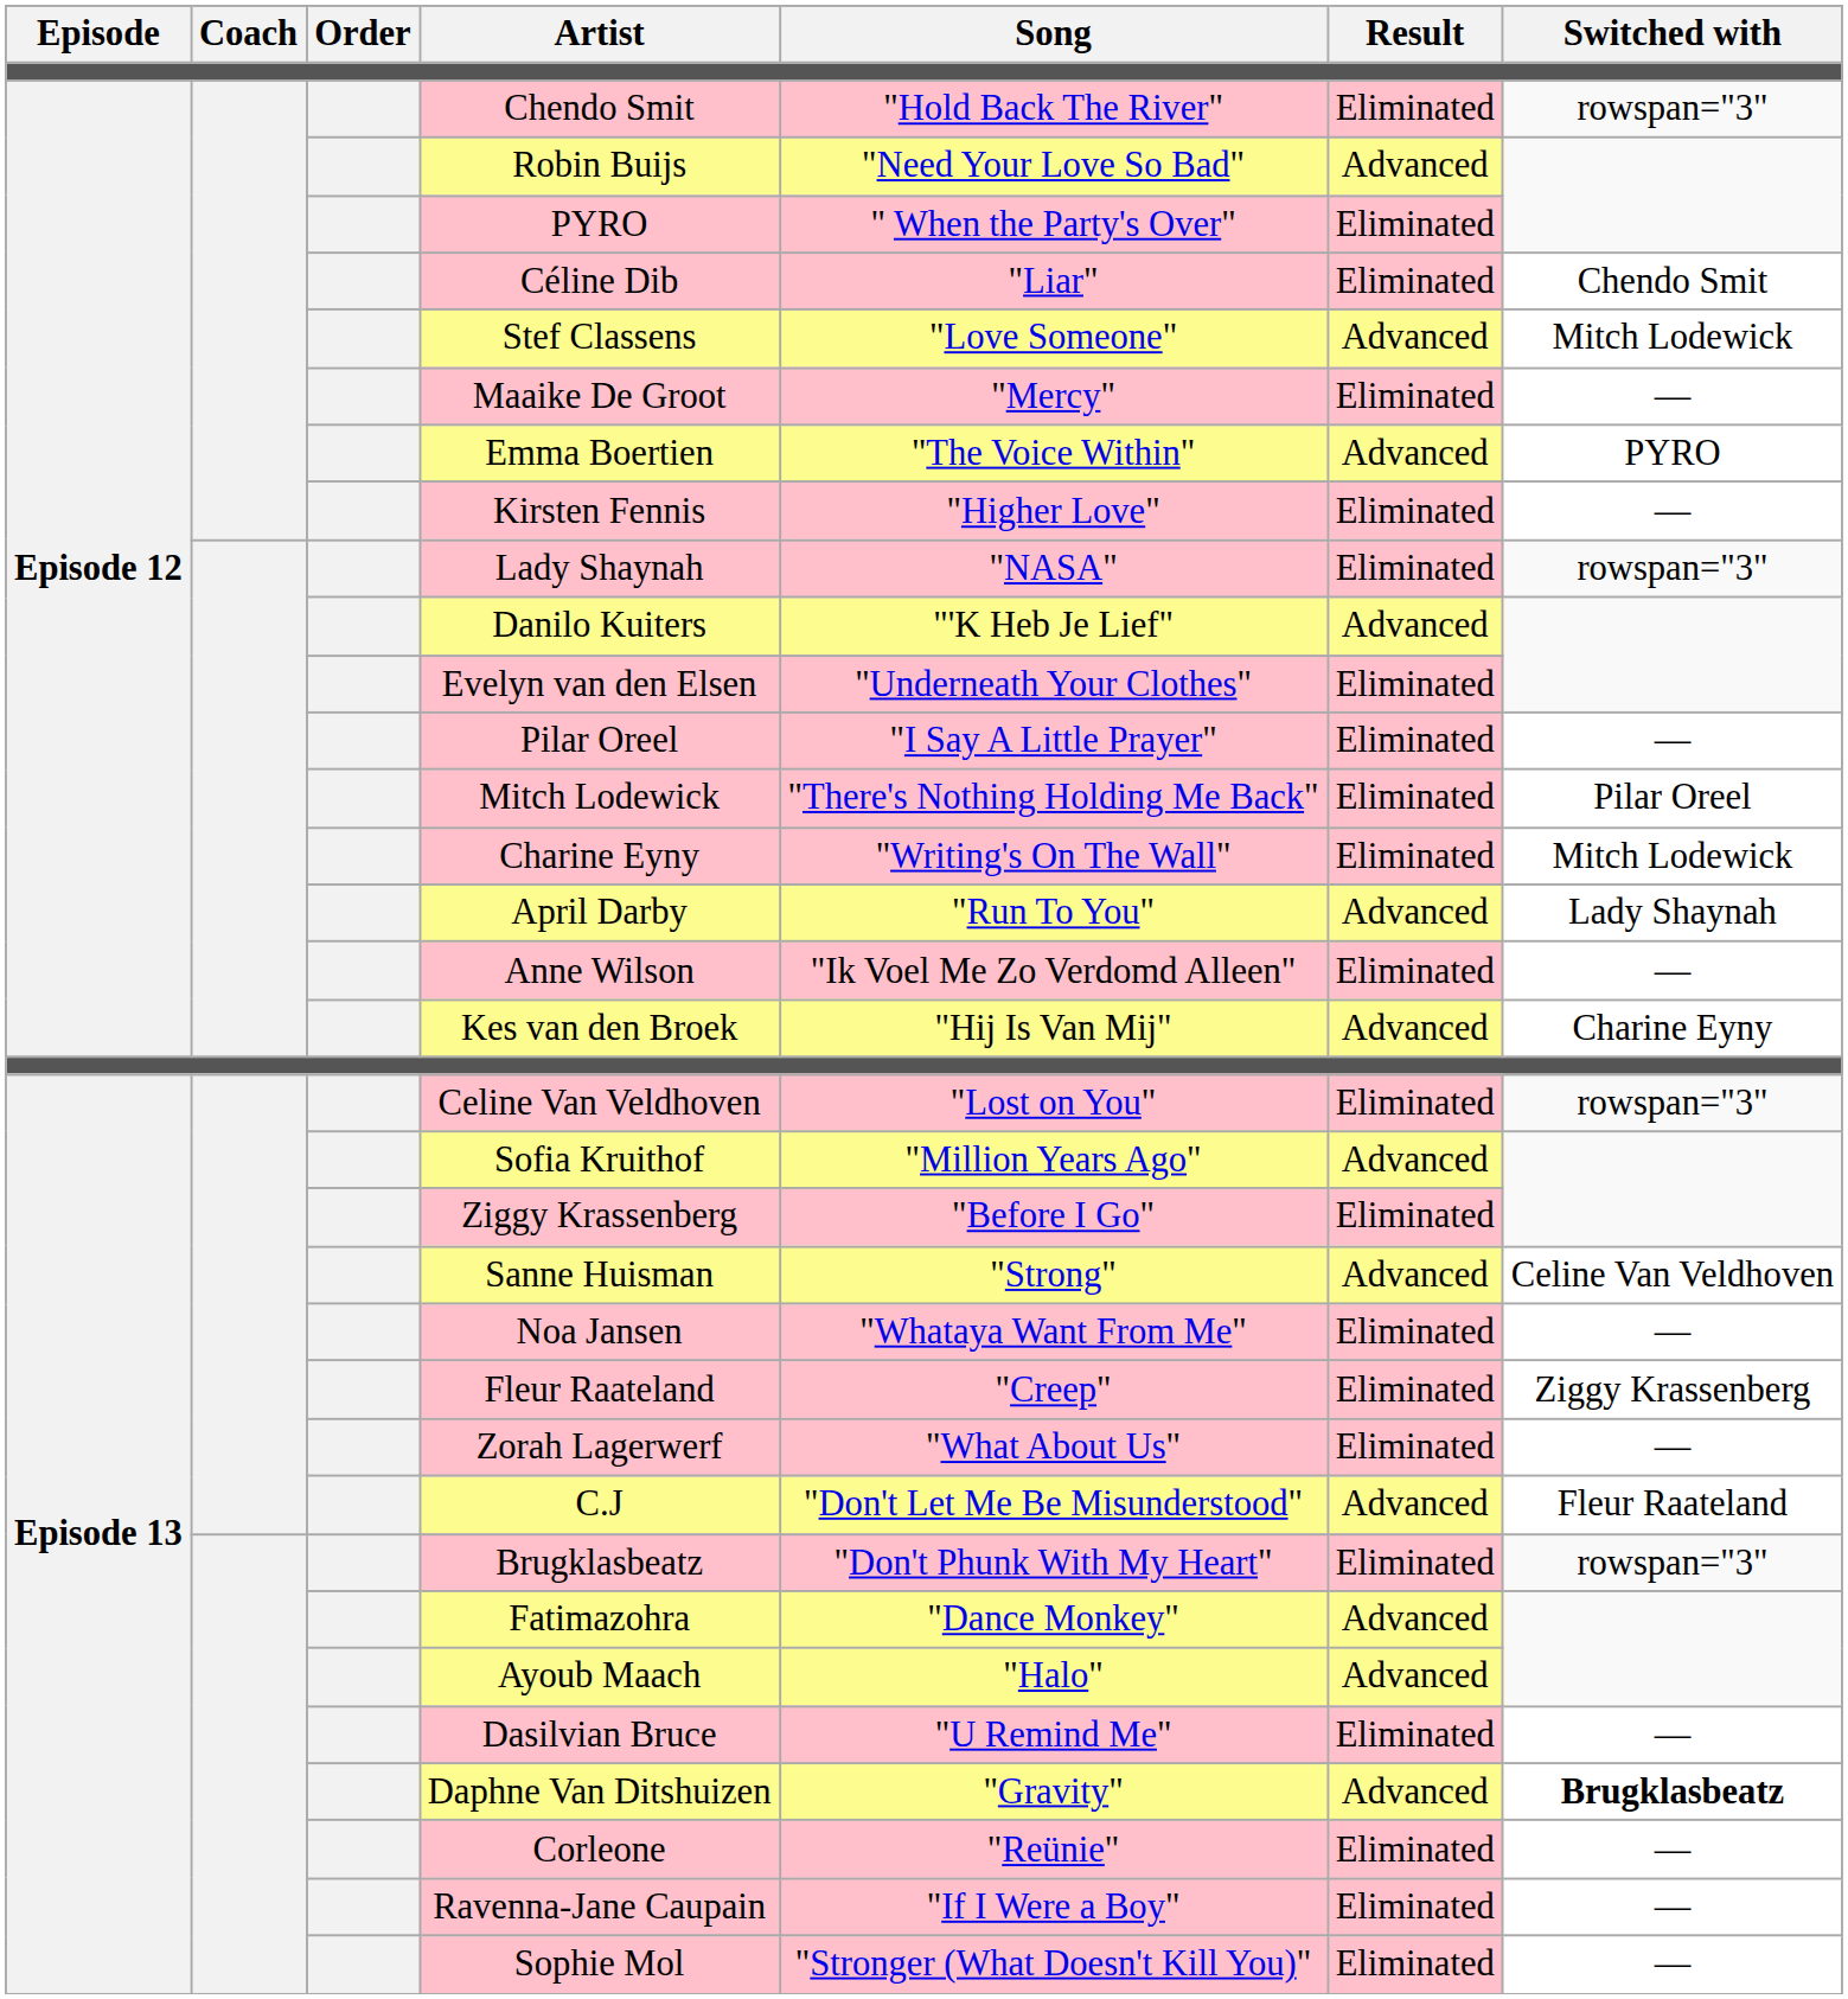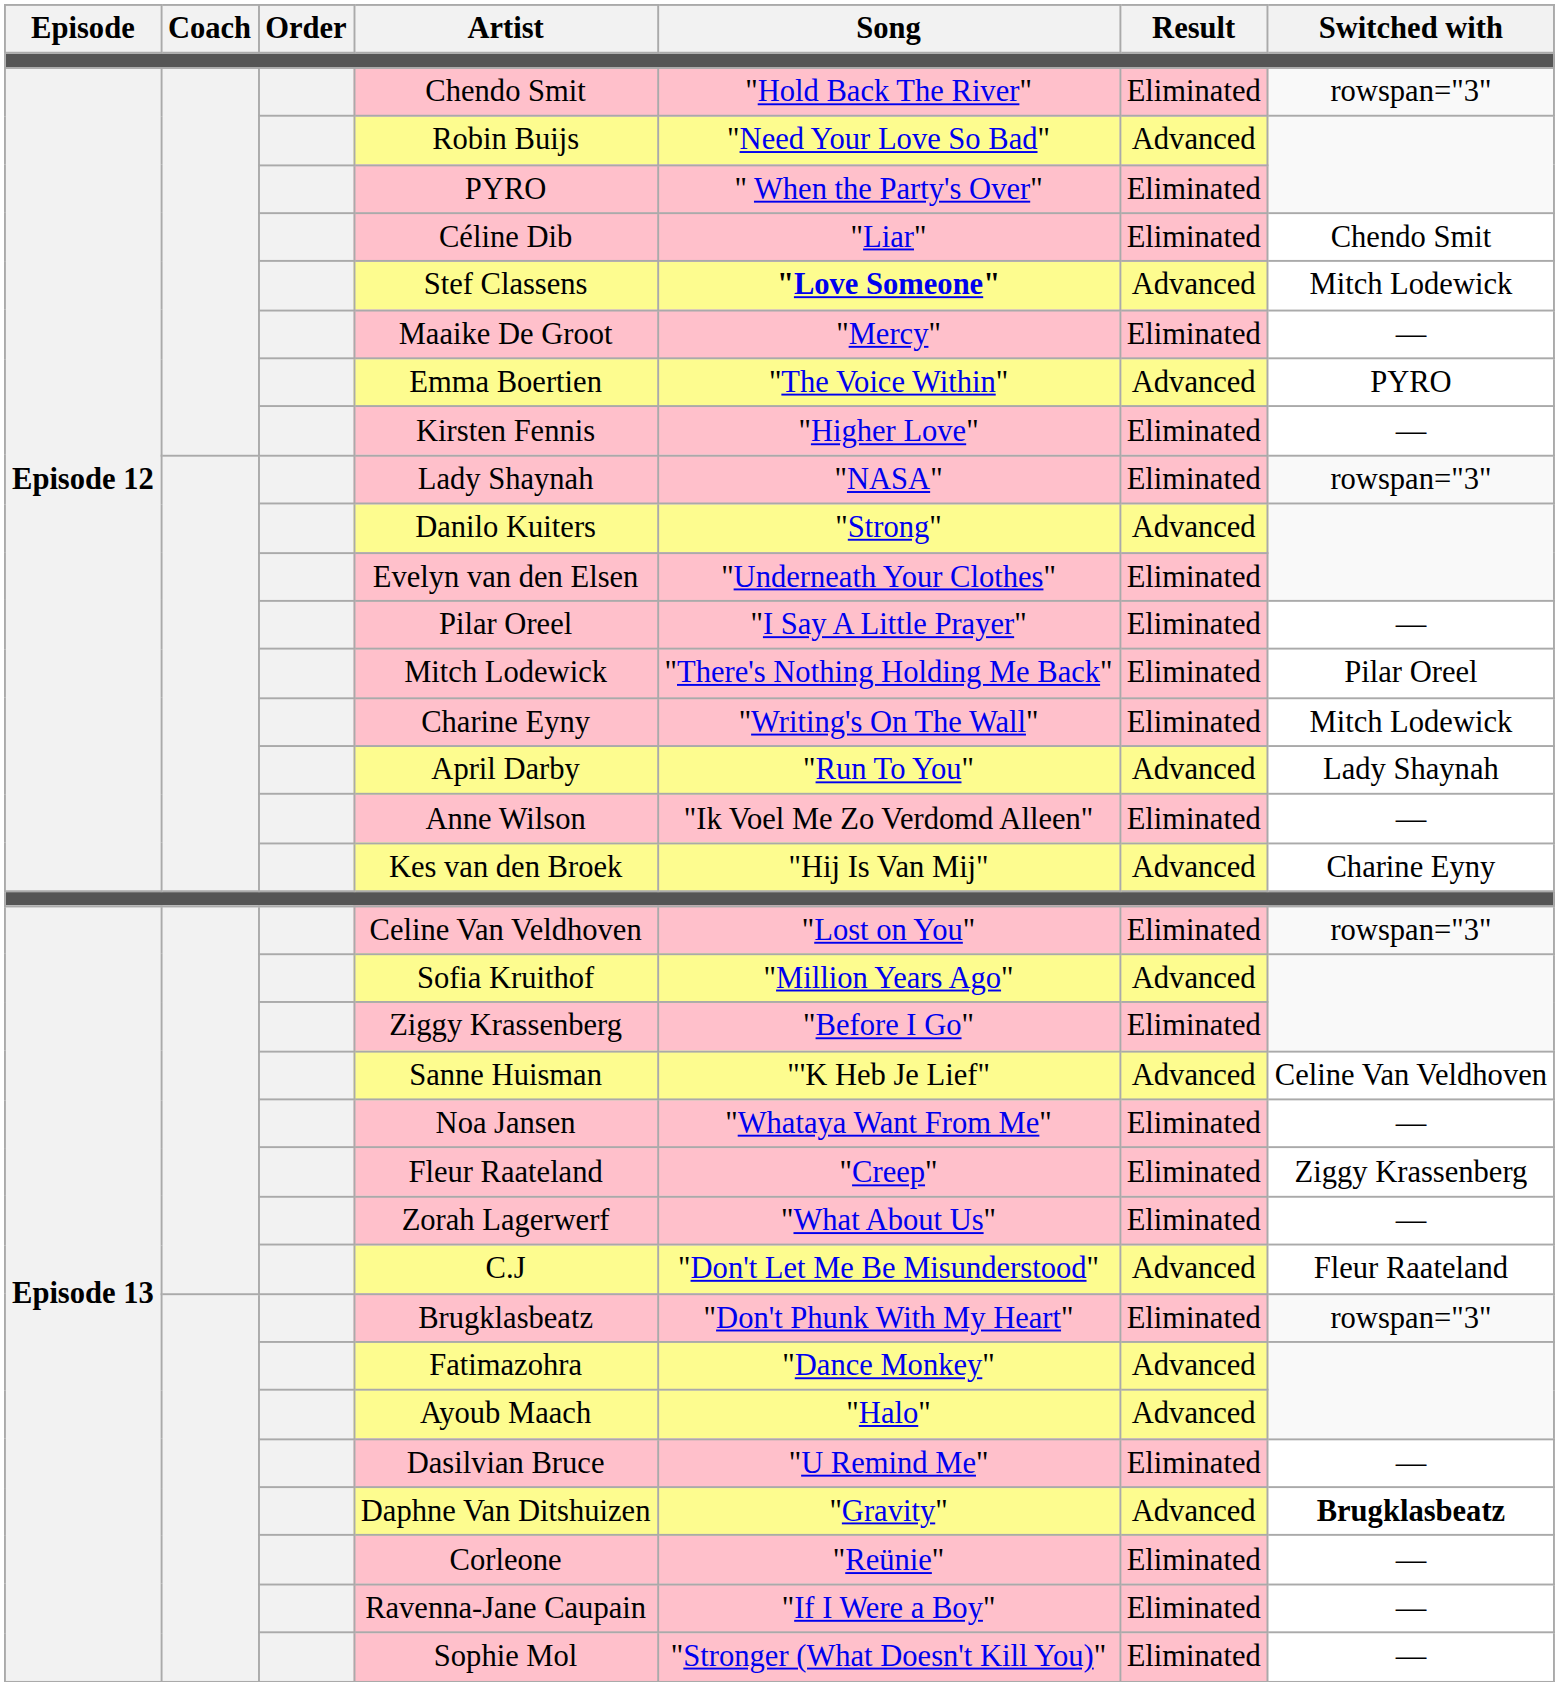 <table class="wikitable plainrowheaders" style="text-align: center;">
 <tr>
 <th scope="col">Episode</th>
 <th>Coach</th>
 <th>Order</th>
 <th>Artist</th>
 <th>Song</th>
 <th>Result</th>
 <th>Switched with</th>
 </tr>
 <tr>
 <td colspan="11" style="background:#555;"></td>
 </tr>
 <tr>
 <th rowspan="17">Episode 12<br><small></small></th>
 <th rowspan="8" scope="row"></th>
 <th scope="row"></th>
 <td style="background-color:pink;">Chendo Smit</td>
 <td style="background-color:pink;">"<a href='#'>Hold Back The River</a>"</td>
 <td style="background-color:pink;">Eliminated</td>
 <td>rowspan="3" </td>
 </tr>
 <tr>
 <th scope="row"></th>
 <td style="background:#fdfc8f;">Robin Buijs</td>
 <td style="background:#fdfc8f;">"<a href='#'>Need Your Love So Bad</a>"</td>
 <td style="background:#fdfc8f;">Advanced</td>
 </tr>
 <tr>
 <th scope="row"></th>
 <td style="background-color:pink;">PYRO</td>
 <td style="background-color:pink;">" <a href='#'>When the Party's Over</a>"</td>
 <td style="background-color:pink;">Eliminated</td>
 </tr>
 <tr>
 <th scope="row"></th>
 <td style="background-color:pink;">Céline Dib</td>
 <td style="background-color:pink;">"<a href='#'>Liar</a>"</td>
 <td style="background-color:pink;">Eliminated</td>
 <td style="background-color:white;">Chendo Smit</td>
 </tr>
 <tr>
 <th scope="row"></th>
 <td style="background:#fdfc8f;">Stef Classens</td>
-<td style="background:#fdfc8f;">"<a href='#'>Love Someone</a>"</td>
+<td style="background:#fdfc8f;"><strong>"<a href='#'>Love Someone</a>"</strong></td>
 <td style="background:#fdfc8f;">Advanced</td>
 <td style="background-color:white;">Mitch Lodewick</td>
 </tr>
 <tr>
 <th scope="row"></th>
 <td style="background-color:pink;">Maaike De Groot</td>
 <td style="background-color:pink;">"<a href='#'>Mercy</a>"</td>
 <td style="background-color:pink;">Eliminated</td>
 <td style="background-color:white;">—</td>
 </tr>
 <tr>
 <th scope="row"></th>
 <td style="background:#fdfc8f;">Emma Boertien</td>
 <td style="background:#fdfc8f;">"<a href='#'>The Voice Within</a>"</td>
 <td style="background:#fdfc8f;">Advanced</td>
 <td style="background-color:white;">PYRO</td>
 </tr>
 <tr>
 <th scope="row"></th>
 <td style="background-color:pink;">Kirsten Fennis</td>
 <td style="background-color:pink;">"<a href='#'>Higher Love</a>"</td>
 <td style="background-color:pink;">Eliminated</td>
 <td style="background-color:white;">—</td>
 </tr>
 <tr>
 <th rowspan="9" scope="row"></th>
 <th scope="row"></th>
 <td style="background-color:pink;">Lady Shaynah</td>
 <td style="background-color:pink;">"<a href='#'>NASA</a>"</td>
 <td style="background-color:pink;">Eliminated</td>
 <td>rowspan="3" </td>
 </tr>
 <tr>
 <th scope="row"></th>
 <td style="background:#fdfc8f;">Danilo Kuiters</td>
-<td style="background:#fdfc8f;">"'K Heb Je Lief"</td>
+<td style="background:#fdfc8f;">"<a href='#'>Strong</a>"</td>
 <td style="background:#fdfc8f;">Advanced</td>
 </tr>
 <tr>
 <th scope="row"></th>
 <td style="background-color:pink;">Evelyn van den Elsen</td>
 <td style="background-color:pink;">"<a href='#'>Underneath Your Clothes</a>"</td>
 <td style="background-color:pink;">Eliminated</td>
 </tr>
 <tr>
 <th scope="row"></th>
 <td style="background-color:pink;">Pilar Oreel</td>
 <td style="background-color:pink;">"<a href='#'>I Say A Little Prayer</a>"</td>
 <td style="background-color:pink;">Eliminated</td>
 <td style="background-color:white;">— </td>
 </tr>
 <tr>
 <th scope="row"></th>
 <td style="background-color:pink;">Mitch Lodewick</td>
 <td style="background-color:pink;">"<a href='#'>There's Nothing Holding Me Back</a>"</td>
 <td style="background-color:pink;">Eliminated</td>
 <td style="background-color:white;">Pilar Oreel</td>
 </tr>
 <tr>
 <th scope="row"></th>
 <td style="background-color:pink;">Charine Eyny</td>
 <td style="background-color:pink;">"<a href='#'>Writing's On The Wall</a>"</td>
 <td style="background-color:pink;">Eliminated</td>
 <td style="background-color:white;">Mitch Lodewick</td>
 </tr>
 <tr>
 <th scope="row"></th>
 <td style="background:#fdfc8f;">April Darby</td>
 <td style="background:#fdfc8f;">"<a href='#'>Run To You</a>"</td>
 <td style="background:#fdfc8f;">Advanced</td>
 <td style="background-color:white;">Lady Shaynah</td>
 </tr>
 <tr>
 <th scope="row"></th>
 <td style="background-color:pink;">Anne Wilson</td>
 <td style="background-color:pink;">"Ik Voel Me Zo Verdomd Alleen"</td>
 <td style="background-color:pink;">Eliminated</td>
 <td style="background-color:white;">—</td>
 </tr>
 <tr>
 <th scope="row"></th>
 <td style="background:#fdfc8f;">Kes van den Broek</td>
 <td style="background:#fdfc8f;">"Hij Is Van Mij"</td>
 <td style="background:#fdfc8f;">Advanced</td>
 <td style="background-color:white;">Charine Eyny</td>
 </tr>
 <tr>
 <td colspan="9" style="background:#555;"></td>
 </tr>
 <tr>
 <th rowspan="16">Episode 13<br><small></small></th>
 <th rowspan="8" scope="row"></th>
 <th scope="row"></th>
 <td style="background-color:pink;">Celine Van Veldhoven</td>
 <td style="background-color:pink;">"<a href='#'>Lost on You</a>"</td>
 <td style="background-color:pink;">Eliminated</td>
 <td>rowspan="3" </td>
 </tr>
 <tr>
 <th scope="row"></th>
 <td style="background:#fdfc8f;">Sofia Kruithof</td>
 <td style="background:#fdfc8f;">"<a href='#'>Million Years Ago</a>"</td>
 <td style="background:#fdfc8f;">Advanced</td>
 </tr>
 <tr>
 <th scope="row"></th>
 <td style="background-color:pink;">Ziggy Krassenberg</td>
 <td style="background-color:pink;">"<a href='#'>Before I Go</a>"</td>
 <td style="background-color:pink;">Eliminated</td>
 </tr>
 <tr>
 <th scope="row"></th>
 <td style="background:#fdfc8f;">Sanne Huisman</td>
-<td style="background:#fdfc8f;">"<a href='#'>Strong</a>"</td>
+<td style="background:#fdfc8f;">"'K Heb Je Lief"</td>
 <td style="background:#fdfc8f;">Advanced</td>
 <td style="background-color:white;">Celine Van Veldhoven</td>
 </tr>
 <tr>
 <th scope="row"></th>
 <td style="background-color:pink;">Noa Jansen</td>
 <td style="background-color:pink;">"<a href='#'>Whataya Want From Me</a>"</td>
 <td style="background-color:pink;">Eliminated</td>
 <td style="background-color:white;">—</td>
 </tr>
 <tr>
 <th scope="row"></th>
 <td style="background-color:pink;">Fleur Raateland</td>
 <td style="background-color:pink;">"<a href='#'>Creep</a>"</td>
 <td style="background-color:pink;">Eliminated</td>
 <td style="background-color:white;">Ziggy Krassenberg</td>
 </tr>
 <tr>
 <th scope="row"></th>
 <td style="background-color:pink;">Zorah Lagerwerf</td>
 <td style="background-color:pink;">"<a href='#'>What About Us</a>"</td>
 <td style="background-color:pink;">Eliminated</td>
 <td style="background-color:white;">—</td>
 </tr>
 <tr>
 <th scope="row"></th>
 <td style="background:#fdfc8f;">C.J</td>
 <td style="background:#fdfc8f;">"<a href='#'>Don't Let Me Be Misunderstood</a>"</td>
 <td style="background:#fdfc8f;">Advanced</td>
 <td style="background-color:white;">Fleur Raateland</td>
 </tr>
 <tr>
 <th rowspan="8" scope="row"></th>
 <th scope="row"></th>
 <td style="background-color:pink;">Brugklasbeatz</td>
 <td style="background-color:pink;">"<a href='#'>Don't Phunk With My Heart</a>"</td>
 <td style="background-color:pink;">Eliminated</td>
 <td>rowspan="3" </td>
 </tr>
 <tr>
 <th scope="row"></th>
 <td style="background:#fdfc8f;">Fatimazohra</td>
 <td style="background:#fdfc8f;">"<a href='#'>Dance Monkey</a>"</td>
 <td style="background:#fdfc8f;">Advanced</td>
 </tr>
 <tr>
 <th scope="row"></th>
 <td style="background:#fdfc8f;">Ayoub Maach</td>
 <td style="background:#fdfc8f;">"<a href='#'>Halo</a>"</td>
 <td style="background:#fdfc8f;">Advanced</td>
 </tr>
 <tr>
 <th scope="row"></th>
 <td style="background-color:pink;">Dasilvian Bruce</td>
 <td style="background-color:pink;">"<a href='#'>U Remind Me</a>"</td>
 <td style="background-color:pink;">Eliminated</td>
 <td style="background-color:white;">—</td>
 </tr>
 <tr>
 <th scope="row"></th>
 <td style="background:#fdfc8f;">Daphne Van Ditshuizen</td>
 <td style="background:#fdfc8f;">"<a href='#'>Gravity</a>"</td>
 <td style="background:#fdfc8f;">Advanced</td>
 <td style="background-color:white;"><strong>Brugklasbeatz</strong></td>
 </tr>
 <tr>
 <th scope="row"></th>
 <td style="background-color:pink;">Corleone</td>
 <td style="background-color:pink;">"<a href='#'>Reünie</a>"</td>
 <td style="background-color:pink;">Eliminated</td>
 <td style="background-color:white;">—</td>
 </tr>
 <tr>
 <th scope="row"></th>
 <td style="background-color:pink;">Ravenna-Jane Caupain</td>
 <td style="background-color:pink;">"<a href='#'>If I Were a Boy</a>"</td>
 <td style="background-color:pink;">Eliminated</td>
 <td style="background-color:white;">—</td>
 </tr>
 <tr>
 <th scope="row"></th>
 <td style="background-color:pink;">Sophie Mol</td>
 <td style="background-color:pink;">"<a href='#'>Stronger (What Doesn't Kill You)</a>"</td>
 <td style="background-color:pink;">Eliminated</td>
 <td style="background-color:white;">—</td>
 </tr>
 <tr>
 </tr>
 </table>
